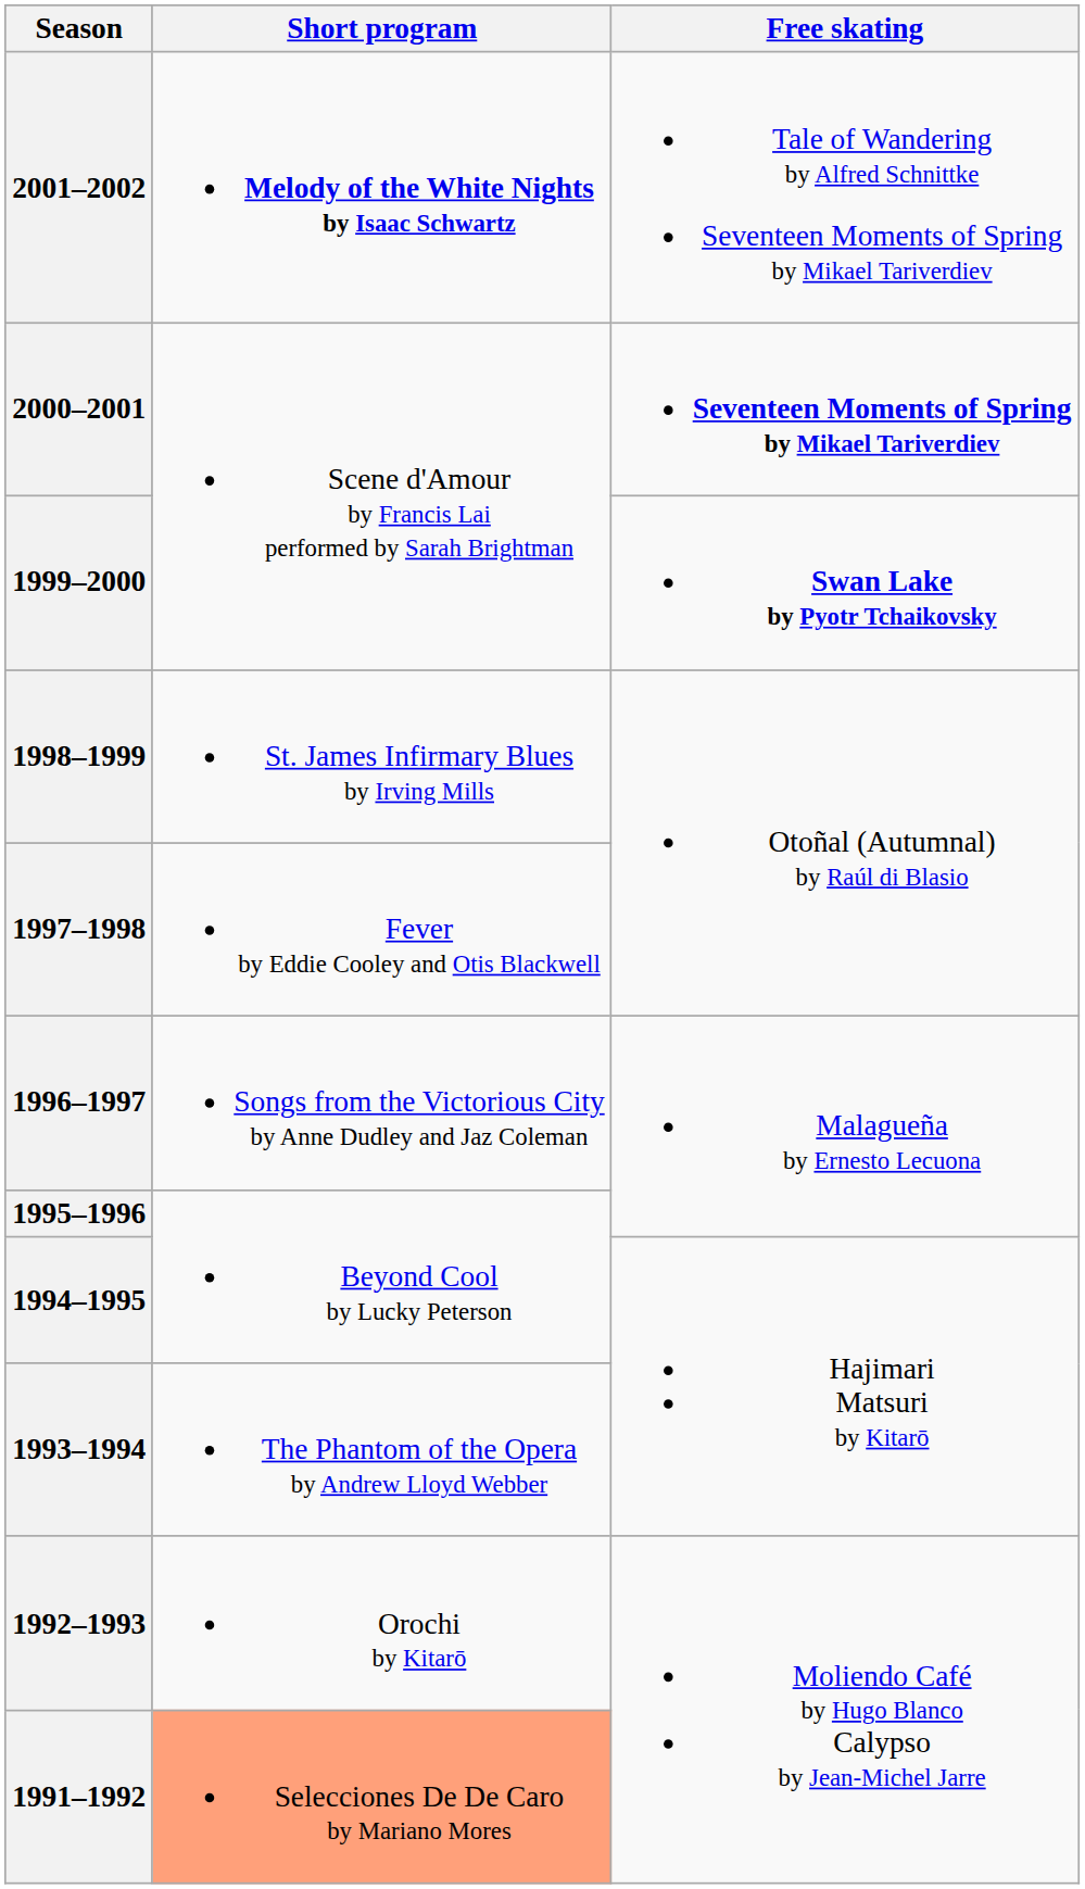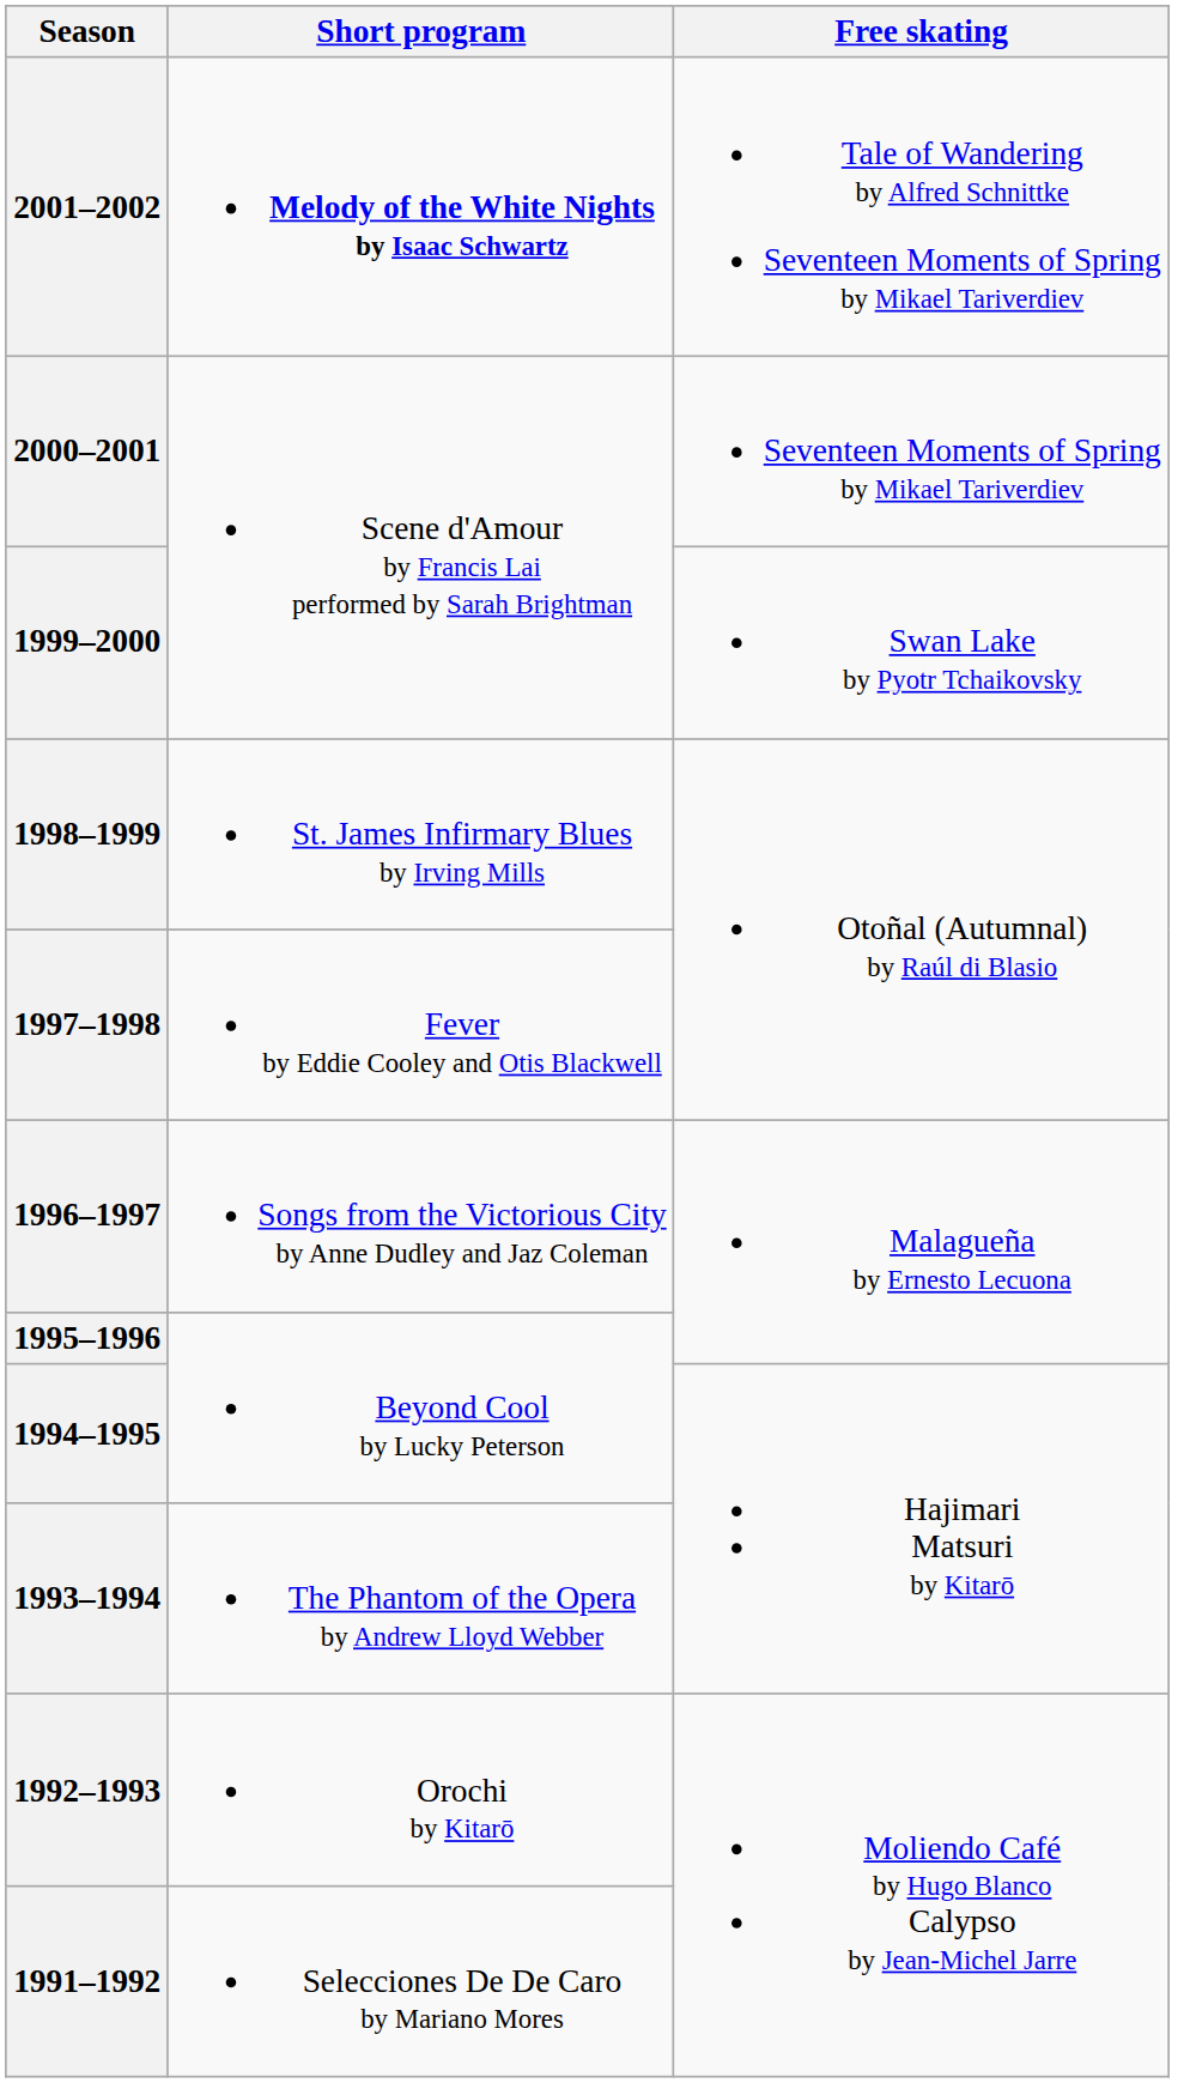 <table class="wikitable" style="text-align:center">
 <tr>
 <th>Season</th>
 <th><a href='#'>Short program</a></th>
 <th><a href='#'>Free skating</a></th>
 </tr>
 <tr>
 <th>2001–2002 <br> </th>
 <td><strong><br><ul><li><a href='#'>Melody of the White Nights</a> <br><small> by <a href='#'>Isaac Schwartz</a> </small></li></ul></strong></td>
 <td><br><ul><li><a href='#'>Tale of Wandering</a> <br><small> by <a href='#'>Alfred Schnittke</a> </small></li></ul><ul><li><a href='#'>Seventeen Moments of Spring</a> <br><small> by <a href='#'>Mikael Tariverdiev</a> </small></li></ul></td>
 </tr>
 <tr>
 <th>2000–2001 <br> </th>
 <td rowspan=2><br><ul><li>Scene d'Amour <br><small> by <a href='#'>Francis Lai</a> <br> performed by <a href='#'>Sarah Brightman</a> </small></li></ul></td>
-<td><strong><br><ul><li><a href='#'>Seventeen Moments of Spring</a> <br><small> by <a href='#'>Mikael Tariverdiev</a> </small></li></ul></strong></td>
+<td><br><ul><li><a href='#'>Seventeen Moments of Spring</a> <br><small> by <a href='#'>Mikael Tariverdiev</a> </small></li></ul></td>
 </tr>
 <tr>
 <th>1999–2000</th>
-<td><strong><br><ul><li><a href='#'>Swan Lake</a> <br><small> by <a href='#'>Pyotr Tchaikovsky</a> </small></li></ul></strong></td>
+<td><br><ul><li><a href='#'>Swan Lake</a> <br><small> by <a href='#'>Pyotr Tchaikovsky</a> </small></li></ul></td>
 </tr>
 <tr>
 <th>1998–1999</th>
 <td><br><ul><li><a href='#'>St. James Infirmary Blues</a> <br><small> by <a href='#'>Irving Mills</a> </small></li></ul></td>
 <td rowspan=2><br><ul><li>Otoñal (Autumnal) <br><small> by <a href='#'>Raúl di Blasio</a> </small></li></ul></td>
 </tr>
 <tr>
 <th>1997–1998</th>
 <td><br><ul><li><a href='#'>Fever</a> <br><small> by Eddie Cooley and <a href='#'>Otis Blackwell</a> </small></li></ul></td>
 </tr>
 <tr>
 <th>1996–1997</th>
 <td><br><ul><li><a href='#'>Songs from the Victorious City</a> <br><small> by Anne Dudley and Jaz Coleman</small></li></ul></td>
 <td rowspan=2><br><ul><li><a href='#'>Malagueña</a> <br><small> by <a href='#'>Ernesto Lecuona</a> </small></li></ul></td>
 </tr>
 <tr>
 <th>1995–1996</th>
 <td rowspan=2><br><ul><li><a href='#'>Beyond Cool</a> <br><small> by Lucky Peterson</small></li></ul></td>
 </tr>
 <tr>
 <th>1994–1995</th>
 <td rowspan=2><br><ul><li>Hajimari</li><li>Matsuri <br><small> by <a href='#'>Kitarō</a> </small></li></ul></td>
 </tr>
 <tr>
 <th>1993–1994</th>
 <td><br><ul><li><a href='#'>The Phantom of the Opera</a> <br><small> by <a href='#'>Andrew Lloyd Webber</a> </small></li></ul></td>
 </tr>
 <tr>
 <th>1992–1993</th>
 <td><br><ul><li>Orochi <br><small> by <a href='#'>Kitarō</a> </small></li></ul></td>
 <td rowspan=2><br><ul><li><a href='#'>Moliendo Café</a> <br><small> by <a href='#'>Hugo Blanco</a> </small></li><li>Calypso <br><small> by <a href='#'>Jean-Michel Jarre</a> </small></li></ul></td>
 </tr>
 <tr>
 <th>1991–1992</th>
-<td style="background: lightsalmon;"><br><ul><li>Selecciones De De Caro <br><small> by Mariano Mores </small></li></ul></td>
+<td><br><ul><li>Selecciones De De Caro <br><small> by Mariano Mores </small></li></ul></td>
 </tr>
 </table>
